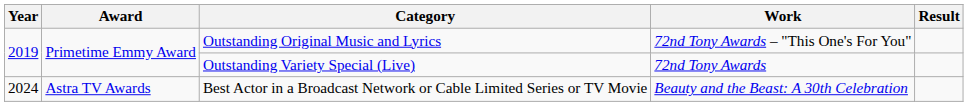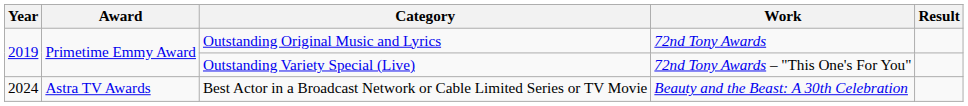 <table class="wikitable">
 <tr>
 <th>Year</th>
 <th>Award</th>
 <th>Category</th>
 <th>Work</th>
 <th>Result</th>
 </tr>
 <tr>
 <td rowspan="2"><a href='#'>2019</a></td>
 <td rowspan="2"><a href='#'>Primetime Emmy Award</a></td>
 <td><a href='#'>Outstanding Original Music and Lyrics</a></td>
-<td><em><a href='#'>72nd Tony Awards</a></em> – "This One's For You"</td>
+<td><em><a href='#'>72nd Tony Awards</a></em></td>
 <td></td>
 </tr>
 <tr>
 <td><a href='#'>Outstanding Variety Special (Live)</a></td>
-<td><em><a href='#'>72nd Tony Awards</a></em></td>
+<td><em><a href='#'>72nd Tony Awards</a></em> – "This One's For You"</td>
 <td></td>
 </tr>
 <tr>
 <td>2024</td>
 <td><a href='#'>Astra TV Awards</a></td>
 <td>Best Actor in a Broadcast Network or Cable Limited Series or TV Movie</td>
 <td><em><a href='#'>Beauty and the Beast: A 30th Celebration</a></em></td>
 <td></td>
 </tr>
 </table>
